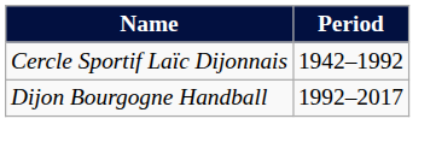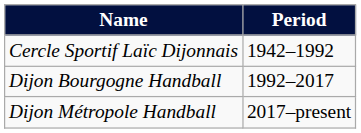 <table class="wikitable" style="text-align: left">
 <tr>
 <th style="color:#FFFFFF; background:#021040">Name</th>
 <th style="color:#FFFFFF; background:#021040">Period</th>
 </tr>
 <tr>
 <td align=left><em>Cercle Sportif Laïc Dijonnais</em></td>
 <td>1942–1992</td>
 </tr>
 <tr>
 <td align=left><em>Dijon Bourgogne Handball</em></td>
 <td>1992–2017</td>
 </tr>
+<tr>
+<td align=left><em>Dijon Métropole Handball</em></td>
+<td>2017–present</td>
+</tr>
 </table>
